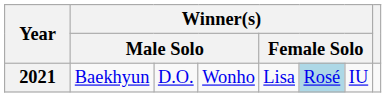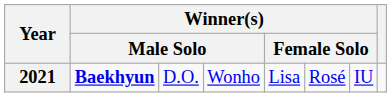 <table class="wikitable plainrowheaders" style="text-align: center">
 <tr>
 <th scope="col" rowspan="2" width="50">Year</th>
 <th colspan="6" width="200">Winner(s)</th>
 <th scope="col" rowspan="2"></th>
 </tr>
 <tr>
 <th colspan="3">Male Solo</th>
 <th colspan="3">Female Solo</th>
 </tr>
 <tr>
 <th scope="row" style="text-align:center;">2021</th>
-<td><a href='#'>Baekhyun</a></td>
+<td><strong><a href='#'>Baekhyun</a></strong></td>
 <td><a href='#'>D.O.</a></td>
 <td><a href='#'>Wonho</a></td>
 <td><a href='#'>Lisa</a></td>
-<td style="background: lightblue;"><a href='#'>Rosé</a></td>
+<td><a href='#'>Rosé</a></td>
 <td><a href='#'>IU</a></td>
 <td></td>
 </tr>
 </table>
